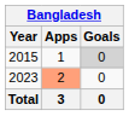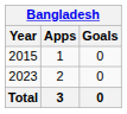 <table class="wikitable" style="text-align:center">
 <tr>
 <th colspan=11><a href='#'>Bangladesh</a></th>
 </tr>
 <tr>
 <th>Year</th>
 <th>Apps</th>
 <th>Goals</th>
 </tr>
 <tr>
 <td>2015</td>
 <td>1</td>
-<td style="background: lightgrey;">0</td>
+<td>0</td>
 </tr>
 <tr>
 <td>2023</td>
-<td style="background: lightsalmon;">2</td>
+<td>2</td>
 <td>0</td>
 </tr>
 <tr>
 <th>Total</th>
 <th>3</th>
 <th>0</th>
 </tr>
 </table>
